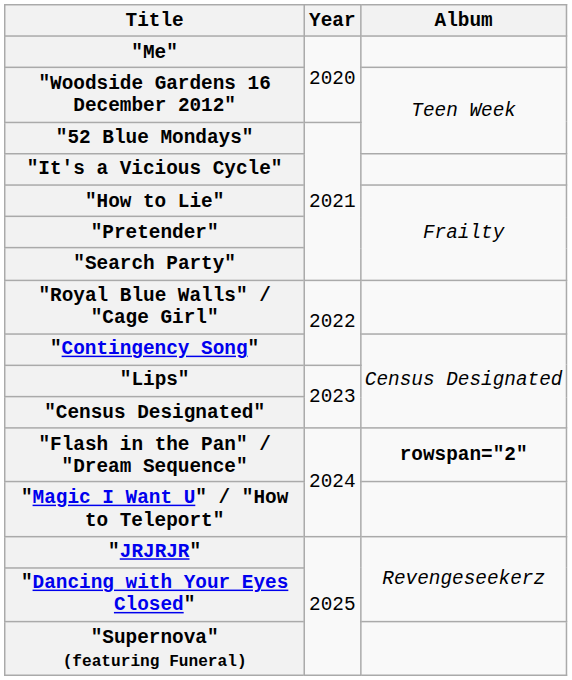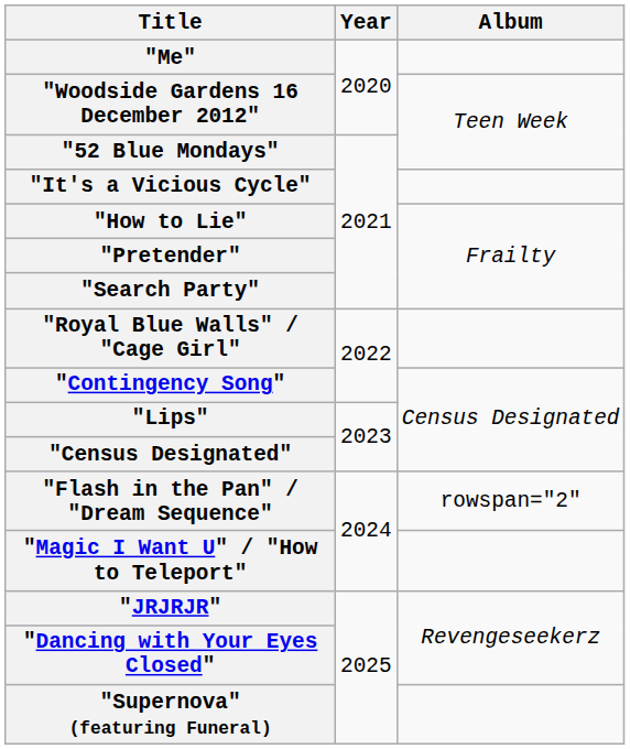 <table class="wikitable plainrowheaders" style="text-align:center;">
 <tr>
 <th scope="col" style="width:15em;">Title</th>
 <th scope="col">Year</th>
 <th scope="col">Album</th>
 </tr>
 <tr>
 <th scope="row">"Me"</th>
 <td rowspan="2">2020</td>
 <td></td>
 </tr>
 <tr>
 <th scope="row">"Woodside Gardens 16 December 2012"</th>
 <td rowspan="2"><em>Teen Week</em></td>
 </tr>
 <tr>
 <th scope="row">"52 Blue Mondays"</th>
 <td rowspan="5">2021</td>
 </tr>
 <tr>
 <th scope="row">"It's a Vicious Cycle"</th>
 <td></td>
 </tr>
 <tr>
 <th scope="row">"How to Lie"</th>
 <td rowspan="3"><em>Frailty</em></td>
 </tr>
 <tr>
 <th scope="row">"Pretender"</th>
 </tr>
 <tr>
 <th scope="row">"Search Party"</th>
 </tr>
 <tr>
 <th scope="row">"Royal Blue Walls" / "Cage Girl"</th>
 <td rowspan="2">2022</td>
 <td></td>
 </tr>
 <tr>
 <th scope="row">"<a href='#'>Contingency Song</a>"</th>
 <td rowspan="3"><em>Census Designated</em></td>
 </tr>
 <tr>
 <th scope="row">"Lips"</th>
 <td rowspan="2">2023</td>
 </tr>
 <tr>
 <th scope="row">"Census Designated"</th>
 </tr>
 <tr>
 <th scope="row">"Flash in the Pan" / "Dream Sequence"</th>
 <td rowspan="2">2024</td>
-<td><strong>rowspan="2" </strong></td>
+<td>rowspan="2" </td>
 </tr>
 <tr>
 <th scope="row">"<a href='#'>Magic I Want U</a>" / "How to Teleport"</th>
 </tr>
 <tr>
 <th scope="row">"<a href='#'>JRJRJR</a>"</th>
 <td rowspan="3">2025</td>
 <td rowspan="2"><em>Revengeseekerz</em></td>
 </tr>
 <tr>
 <th scope="row">"<a href='#'>Dancing with Your Eyes Closed</a>"</th>
 </tr>
 <tr>
 <th scope="row">"Supernova"<br><small>(featuring Funeral)</small></th>
 <td></td>
 </tr>
 </table>
